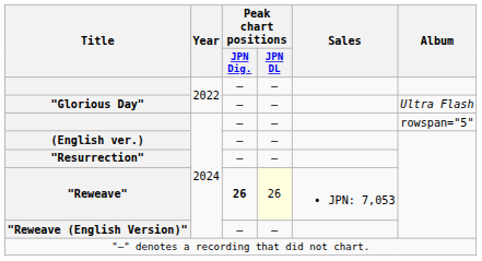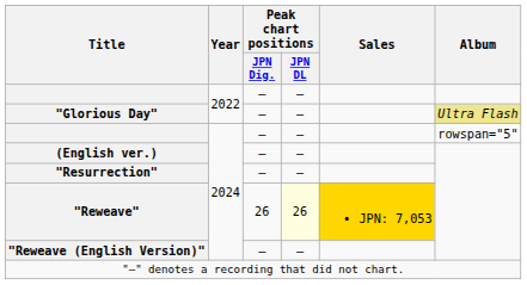 <table class="wikitable plainrowheaders" style="text-align:center;">
 <tr>
 <th scope="col" rowspan="2">Title</th>
 <th scope="col" rowspan="2">Year</th>
 <th scope="col" colspan="2">Peak chart<br>positions</th>
 <th scope="col" rowspan="2">Sales<br></th>
 <th scope="col" rowspan="2">Album</th>
 </tr>
 <tr>
 <th scope="col" style="width:3em;font-size:90%;"><a href='#'>JPN<br>Dig.</a><br></th>
 <th scope="col" style="width:3em;font-size:90%;"><a href='#'>JPN<br>DL</a><br></th>
 </tr>
 <tr>
 <th scope="row"></th>
 <td rowspan="2">2022</td>
 <td>—</td>
 <td>—</td>
 <td></td>
 <td></td>
 </tr>
 <tr>
 <th scope="row">"Glorious Day"</th>
 <td>—</td>
 <td>—</td>
 <td></td>
-<td><em>Ultra Flash</em></td>
+<td style="background: khaki;"><em>Ultra Flash</em></td>
 </tr>
 <tr>
 <th scope="row"></th>
 <td rowspan="5">2024</td>
 <td>—</td>
 <td>—</td>
 <td></td>
 <td>rowspan="5" </td>
 </tr>
 <tr>
 <th scope="row"> (English ver.)</th>
 <td>—</td>
 <td>—</td>
 <td></td>
 </tr>
 <tr>
 <th scope="row">"Resurrection"</th>
 <td>—</td>
 <td>—</td>
 <td></td>
 </tr>
 <tr>
 <th scope="row">"Reweave"</th>
-<td><strong>26</strong></td>
+<td>26</td>
 <td style="background: lightyellow;">26</td>
-<td><br><ul><li>JPN: 7,053</li></ul></td>
+<td style="background: gold;"><br><ul><li>JPN: 7,053</li></ul></td>
 </tr>
 <tr>
 <th scope="row">"Reweave (English Version)"</th>
 <td>—</td>
 <td>—</td>
 <td></td>
 </tr>
 <tr>
 <td colspan="6" style="font-size:90%">"—" denotes a recording that did not chart.</td>
 </tr>
 </table>
